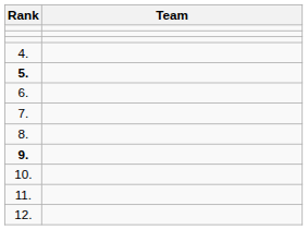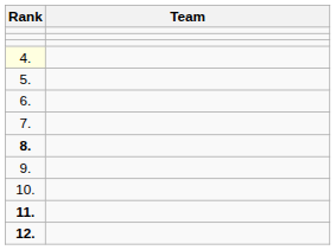 <table class="wikitable" style="font-size:95%;">
 <tr>
 <th>Rank</th>
 <th align="left" style="width: 20em">Team</th>
 </tr>
 <tr>
 <td align="center"></td>
 <td></td>
 </tr>
 <tr>
 <td align="center"></td>
 <td></td>
 </tr>
 <tr>
 <td align="center"></td>
 <td></td>
 </tr>
 <tr>
-<td rowspan=1 align="center">4.</td>
+<td rowspan=1 align="center" style="background: lightyellow;">4.</td>
 <td></td>
 </tr>
 <tr>
-<td rowspan=1 align="center"><strong>5.</strong></td>
+<td rowspan=1 align="center">5.</td>
 <td></td>
 </tr>
 <tr>
 <td rowspan=1 align="center">6.</td>
 <td></td>
 </tr>
 <tr>
 <td rowspan=1 align="center">7.</td>
 <td></td>
 </tr>
 <tr>
-<td rowspan=1 align="center">8.</td>
+<td rowspan=1 align="center"><strong>8.</strong></td>
 <td></td>
 </tr>
 <tr>
-<td rowspan=1 align="center"><strong>9.</strong></td>
+<td rowspan=1 align="center">9.</td>
 <td></td>
 </tr>
 <tr>
 <td rowspan=1 align="center">10.</td>
 <td></td>
 </tr>
 <tr>
-<td rowspan=1 align="center">11.</td>
+<td rowspan=1 align="center"><strong>11.</strong></td>
 <td></td>
 </tr>
 <tr>
-<td rowspan=1 align="center">12.</td>
+<td rowspan=1 align="center"><strong>12.</strong></td>
 <td></td>
 </tr>
 </table>
